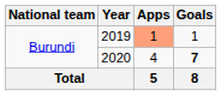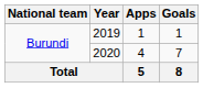 <table class="wikitable" style="text-align:center">
 <tr>
 <th>National team</th>
 <th>Year</th>
 <th>Apps</th>
 <th>Goals</th>
 </tr>
 <tr>
 <td rowspan="2"><a href='#'>Burundi</a></td>
 <td>2019</td>
-<td style="background: lightsalmon;">1</td>
+<td>1</td>
 <td>1</td>
 </tr>
 <tr>
 <td>2020</td>
 <td>4</td>
-<td><strong>7</strong></td>
+<td>7</td>
 </tr>
 <tr>
 <th colspan="2">Total</th>
 <th>5</th>
 <th>8</th>
 </tr>
 </table>
